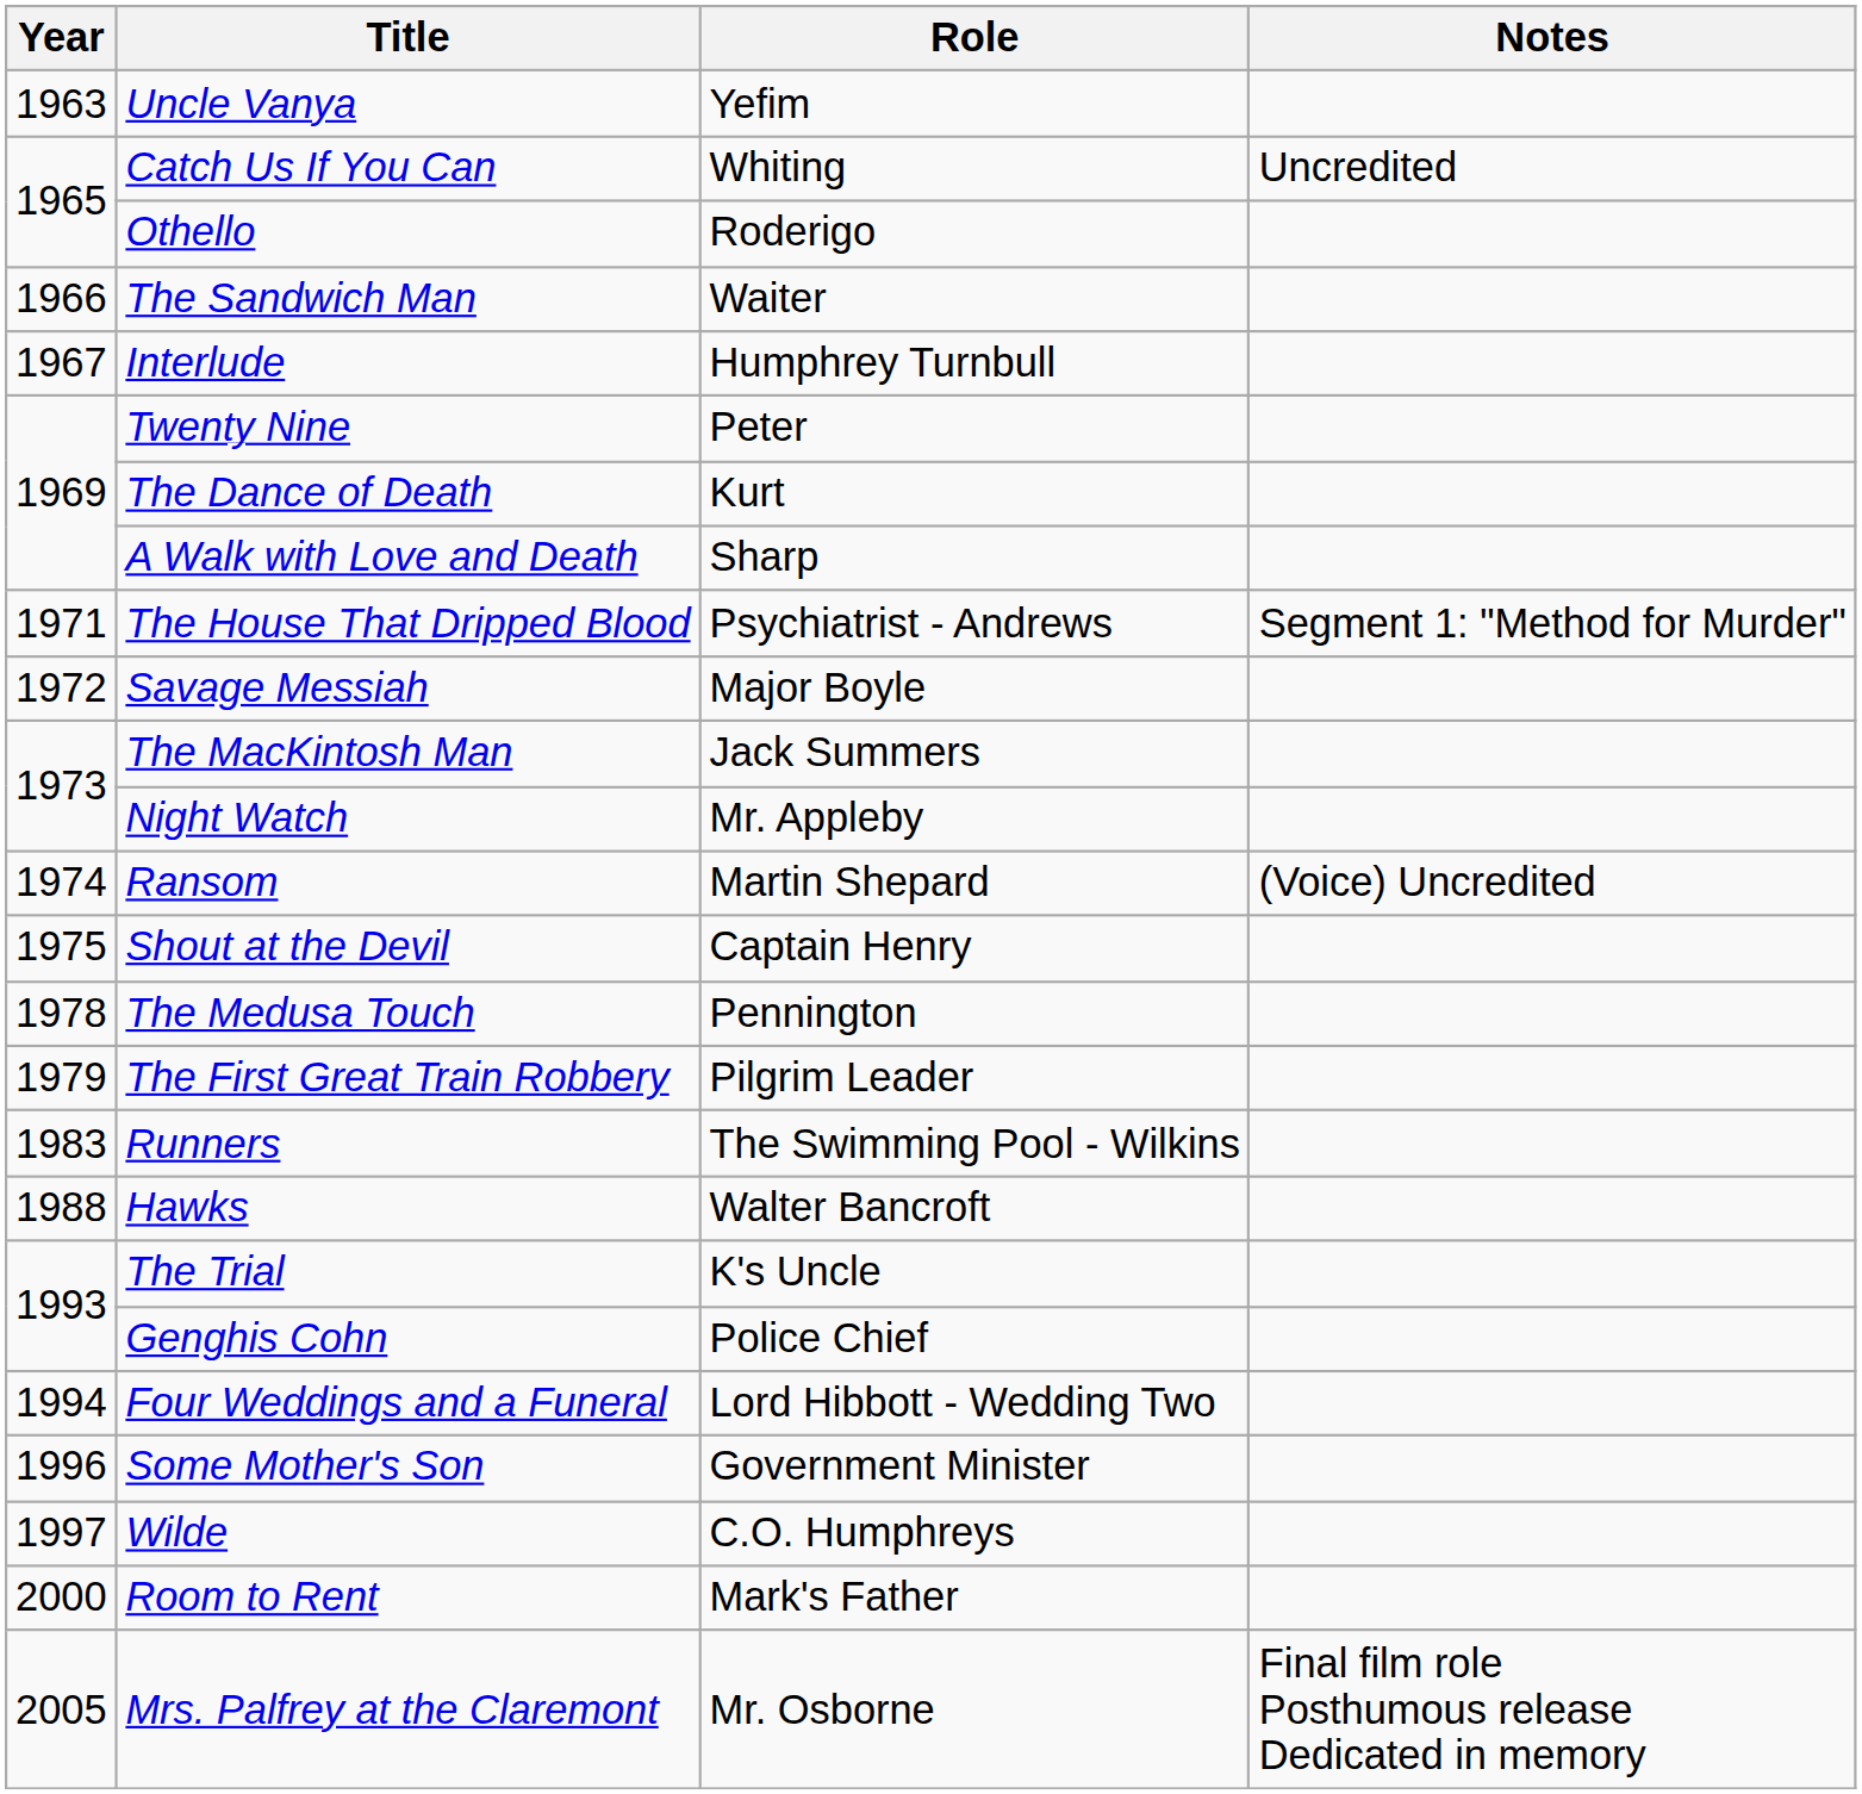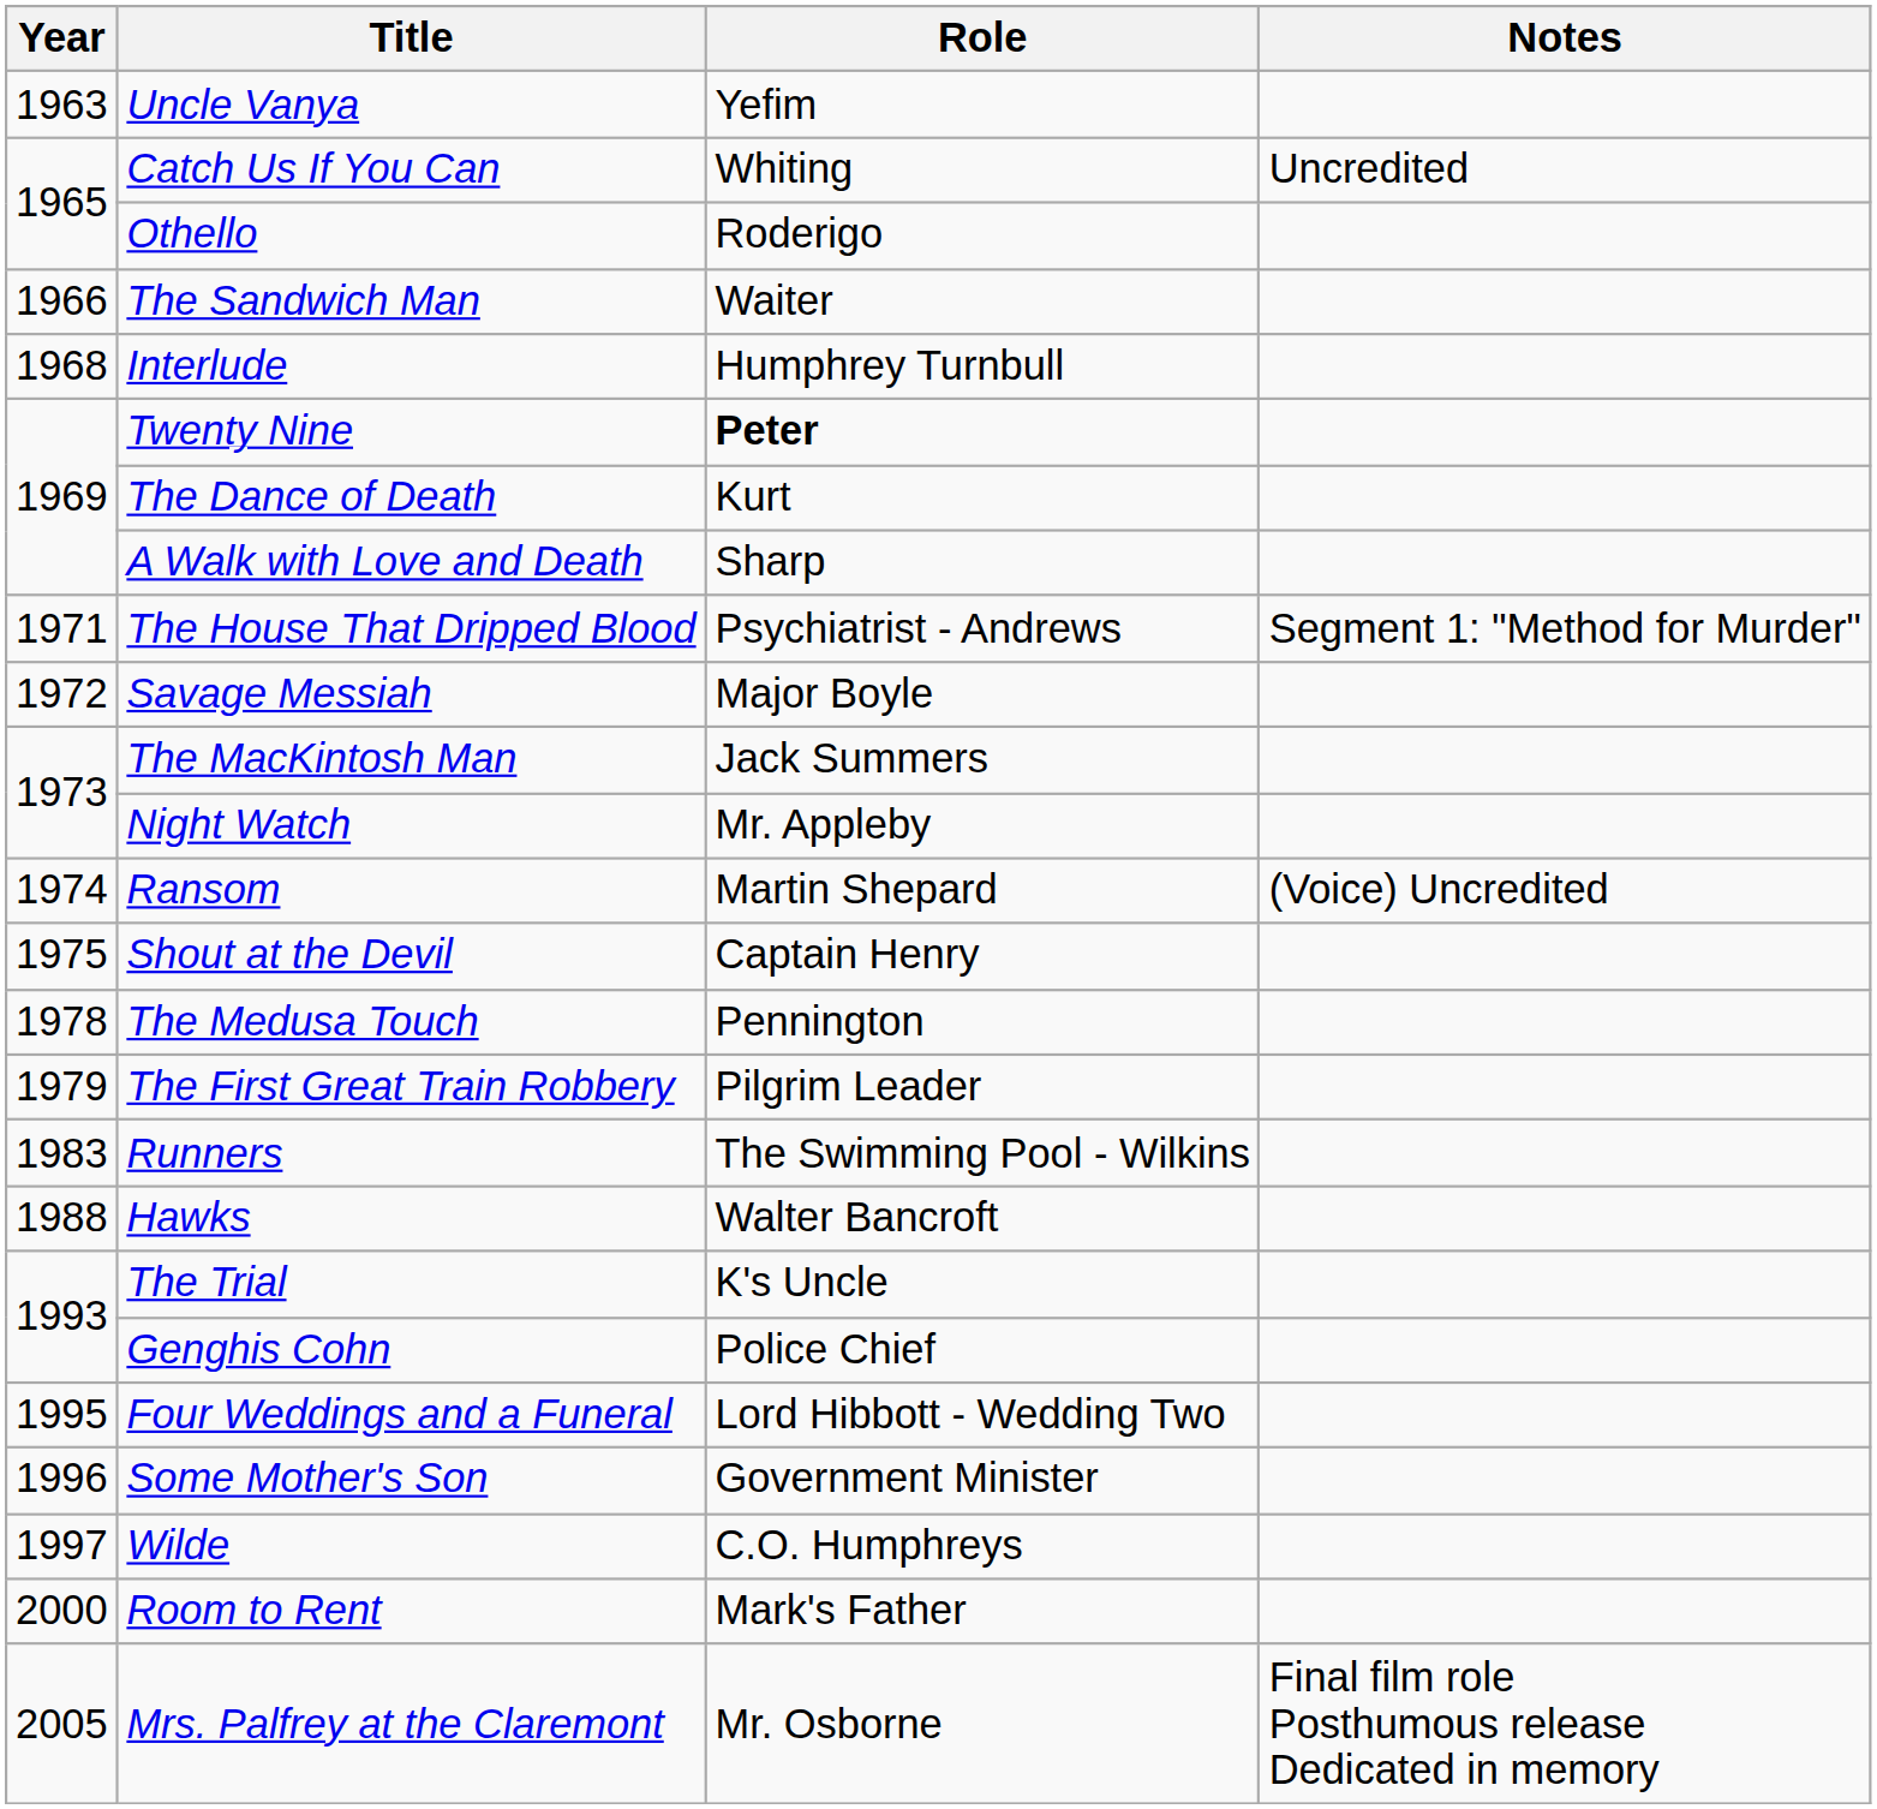 <table class="wikitable">
 <tr>
 <th>Year</th>
 <th>Title</th>
 <th>Role</th>
 <th>Notes</th>
 </tr>
 <tr>
 <td>1963</td>
 <td><em><a href='#'>Uncle Vanya</a></em></td>
 <td>Yefim</td>
 <td></td>
 </tr>
 <tr>
 <td rowspan="2">1965</td>
 <td><em><a href='#'>Catch Us If You Can</a></em></td>
 <td>Whiting</td>
 <td>Uncredited</td>
 </tr>
 <tr>
 <td><em><a href='#'>Othello</a></em></td>
 <td>Roderigo</td>
 <td></td>
 </tr>
 <tr>
 <td>1966</td>
 <td><em><a href='#'>The Sandwich Man</a></em></td>
 <td>Waiter</td>
 <td></td>
 </tr>
 <tr>
-<td>1967</td>
+<td>1968</td>
 <td><em><a href='#'>Interlude</a></em></td>
 <td>Humphrey Turnbull</td>
 <td></td>
 </tr>
 <tr>
 <td rowspan="3">1969</td>
 <td><em><a href='#'>Twenty Nine</a></em></td>
-<td>Peter</td>
+<td><strong>Peter</strong></td>
 <td></td>
 </tr>
 <tr>
 <td><em><a href='#'>The Dance of Death</a></em></td>
 <td>Kurt</td>
 <td></td>
 </tr>
 <tr>
 <td><em><a href='#'>A Walk with Love and Death</a></em></td>
 <td>Sharp</td>
 <td></td>
 </tr>
 <tr>
 <td>1971</td>
 <td><em><a href='#'>The House That Dripped Blood</a></em></td>
 <td>Psychiatrist - Andrews</td>
 <td>Segment 1: "Method for Murder"</td>
 </tr>
 <tr>
 <td>1972</td>
 <td><em><a href='#'>Savage Messiah</a></em></td>
 <td>Major Boyle</td>
 <td></td>
 </tr>
 <tr>
 <td rowspan="2">1973</td>
 <td><em><a href='#'>The MacKintosh Man</a></em></td>
 <td>Jack Summers</td>
 <td></td>
 </tr>
 <tr>
 <td><em><a href='#'>Night Watch</a></em></td>
 <td>Mr. Appleby</td>
 <td></td>
 </tr>
 <tr>
 <td>1974</td>
 <td><em><a href='#'>Ransom</a></em></td>
 <td>Martin Shepard</td>
 <td>(Voice) Uncredited</td>
 </tr>
 <tr>
 <td>1975</td>
 <td><em><a href='#'>Shout at the Devil</a></em></td>
 <td>Captain Henry</td>
 <td></td>
 </tr>
 <tr>
 <td>1978</td>
 <td><em><a href='#'>The Medusa Touch</a></em></td>
 <td>Pennington</td>
 <td></td>
 </tr>
 <tr>
 <td>1979</td>
 <td><em><a href='#'>The First Great Train Robbery</a></em></td>
 <td>Pilgrim Leader</td>
 <td></td>
 </tr>
 <tr>
 <td>1983</td>
 <td><em><a href='#'>Runners</a></em></td>
 <td>The Swimming Pool - Wilkins</td>
 <td></td>
 </tr>
 <tr>
 <td>1988</td>
 <td><em><a href='#'>Hawks</a></em></td>
 <td>Walter Bancroft</td>
 <td></td>
 </tr>
 <tr>
 <td rowspan="2">1993</td>
 <td><em><a href='#'>The Trial</a></em></td>
 <td>K's Uncle</td>
 <td></td>
 </tr>
 <tr>
 <td><em><a href='#'>Genghis Cohn</a></em></td>
 <td>Police Chief</td>
 <td></td>
 </tr>
 <tr>
-<td>1994</td>
+<td>1995</td>
 <td><em><a href='#'>Four Weddings and a Funeral</a></em></td>
 <td>Lord Hibbott - Wedding Two</td>
 <td></td>
 </tr>
 <tr>
 <td>1996</td>
 <td><em><a href='#'>Some Mother's Son</a></em></td>
 <td>Government Minister</td>
 <td></td>
 </tr>
 <tr>
 <td>1997</td>
 <td><em><a href='#'>Wilde</a></em></td>
 <td>C.O. Humphreys</td>
 <td></td>
 </tr>
 <tr>
 <td>2000</td>
 <td><em><a href='#'>Room to Rent</a></em></td>
 <td>Mark's Father</td>
 <td></td>
 </tr>
 <tr>
 <td>2005</td>
 <td><em><a href='#'>Mrs. Palfrey at the Claremont</a></em></td>
 <td>Mr. Osborne</td>
 <td>Final film role<br>Posthumous release <br> Dedicated in memory</td>
 </tr>
 </table>
